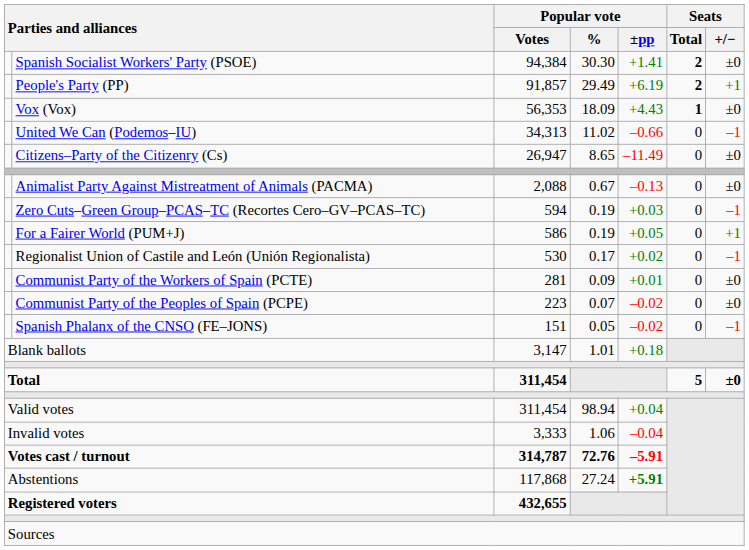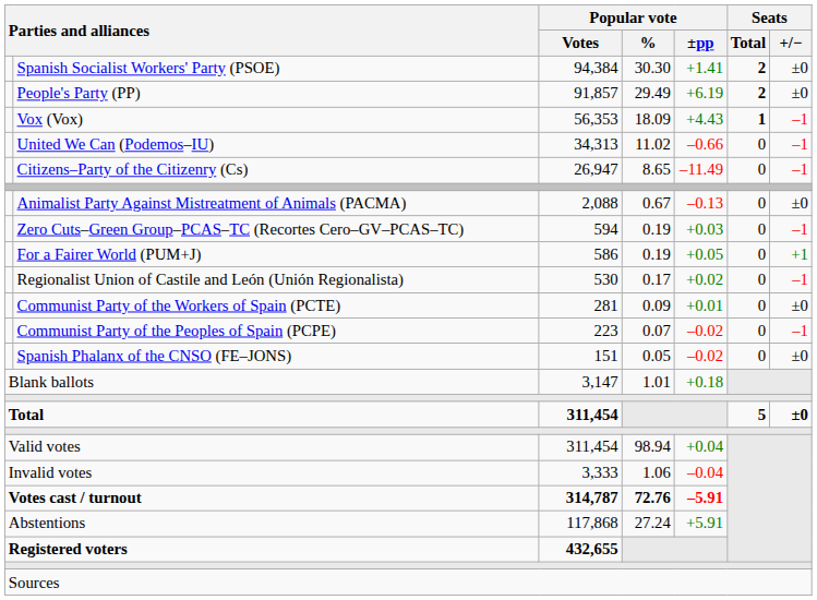 <table class="wikitable" style="text-align:right;">
 <tr>
 <th style="text-align:left;" rowspan="2" colspan="2" width="525">Parties and alliances</th>
 <th colspan="3">Popular vote</th>
 <th colspan="2">Seats</th>
 </tr>
 <tr>
 <th width="75">Votes</th>
 <th width="45">%</th>
 <th width="45">±<a href='#'>pp</a></th>
 <th width="35">Total</th>
 <th width="35">+/−</th>
 </tr>
 <tr>
 <td width="1" style="color:inherit;background:"></td>
 <td align="left"><a href='#'>Spanish Socialist Workers' Party</a> (PSOE)</td>
 <td>94,384</td>
 <td>30.30</td>
 <td style="color:green;">+1.41</td>
 <td><strong>2</strong></td>
 <td>±0</td>
 </tr>
 <tr>
 <td style="color:inherit;background:"></td>
 <td align="left"><a href='#'>People's Party</a> (PP)</td>
 <td>91,857</td>
 <td>29.49</td>
 <td style="color:green;">+6.19</td>
 <td><strong>2</strong></td>
-<td style="color:green;">+1</td>
+<td>±0</td>
 </tr>
 <tr>
 <td style="color:inherit;background:"></td>
 <td align="left"><a href='#'>Vox</a> (Vox)</td>
 <td>56,353</td>
 <td>18.09</td>
 <td style="color:green;">+4.43</td>
 <td><strong>1</strong></td>
-<td>±0</td>
+<td style="color:red;">–1</td>
 </tr>
 <tr>
 <td style="color:inherit;background:"></td>
 <td align="left"><a href='#'>United We Can</a> (<a href='#'>Podemos</a>–<a href='#'>IU</a>)</td>
 <td>34,313</td>
 <td>11.02</td>
 <td style="color:red;">–0.66</td>
 <td>0</td>
 <td style="color:red;">–1</td>
 </tr>
 <tr>
 <td style="color:inherit;background:"></td>
 <td align="left"><a href='#'>Citizens–Party of the Citizenry</a> (Cs)</td>
 <td>26,947</td>
 <td>8.65</td>
 <td style="color:red;">–11.49</td>
 <td>0</td>
-<td>±0</td>
+<td style="color:red;">–1</td>
 </tr>
 <tr>
 <td colspan="7" bgcolor="#C0C0C0"></td>
 </tr>
 <tr>
 <td style="color:inherit;background:"></td>
 <td align="left"><a href='#'>Animalist Party Against Mistreatment of Animals</a> (PACMA)</td>
 <td>2,088</td>
 <td>0.67</td>
 <td style="color:red;">–0.13</td>
 <td>0</td>
 <td>±0</td>
 </tr>
 <tr>
 <td style="color:inherit;background:"></td>
 <td align="left"><a href='#'>Zero Cuts</a>–<a href='#'>Green Group</a>–<a href='#'>PCAS</a>–<a href='#'>TC</a> (Recortes Cero–GV–PCAS–TC)</td>
 <td>594</td>
 <td>0.19</td>
 <td style="color:green;">+0.03</td>
 <td>0</td>
 <td style="color:red;">–1</td>
 </tr>
 <tr>
 <td style="color:inherit;background:"></td>
 <td align="left"><a href='#'>For a Fairer World</a> (PUM+J)</td>
 <td>586</td>
 <td>0.19</td>
 <td style="color:green;">+0.05</td>
 <td>0</td>
 <td style="color:green;">+1</td>
 </tr>
 <tr>
 <td style="color:inherit;background:"></td>
 <td align="left">Regionalist Union of Castile and León (Unión Regionalista)</td>
 <td>530</td>
 <td>0.17</td>
 <td style="color:green;">+0.02</td>
 <td>0</td>
 <td style="color:red;">–1</td>
 </tr>
 <tr>
 <td style="color:inherit;background:"></td>
 <td align="left"><a href='#'>Communist Party of the Workers of Spain</a> (PCTE)</td>
 <td>281</td>
 <td>0.09</td>
 <td style="color:green;">+0.01</td>
 <td>0</td>
 <td>±0</td>
 </tr>
 <tr>
 <td style="color:inherit;background:"></td>
 <td align="left"><a href='#'>Communist Party of the Peoples of Spain</a> (PCPE)</td>
 <td>223</td>
 <td>0.07</td>
 <td style="color:red;">–0.02</td>
 <td>0</td>
-<td>±0</td>
+<td style="color:red;">–1</td>
 </tr>
 <tr>
 <td style="color:inherit;background:"></td>
 <td align="left"><a href='#'>Spanish Phalanx of the CNSO</a> (FE–JONS)</td>
 <td>151</td>
 <td>0.05</td>
 <td style="color:red;">–0.02</td>
 <td>0</td>
-<td style="color:red;">–1</td>
+<td>±0</td>
 </tr>
 <tr>
 <td align="left" colspan="2">Blank ballots</td>
 <td>3,147</td>
 <td>1.01</td>
 <td style="color:green;">+0.18</td>
 <td bgcolor="#E9E9E9" colspan="2"></td>
 </tr>
 <tr>
 <td colspan="7" bgcolor="#E9E9E9"></td>
 </tr>
 <tr style="font-weight:bold;">
 <td align="left" colspan="2">Total</td>
 <td>311,454</td>
 <td bgcolor="#E9E9E9" colspan="2"></td>
 <td>5</td>
 <td>±0</td>
 </tr>
 <tr>
 <td colspan="7" bgcolor="#E9E9E9"></td>
 </tr>
 <tr>
 <td align="left" colspan="2">Valid votes</td>
 <td>311,454</td>
 <td>98.94</td>
 <td style="color:green;">+0.04</td>
 <td bgcolor="#E9E9E9" colspan="2" rowspan="5"></td>
 </tr>
 <tr>
 <td align="left" colspan="2">Invalid votes</td>
 <td>3,333</td>
 <td>1.06</td>
 <td style="color:red;">–0.04</td>
 </tr>
 <tr style="font-weight:bold;">
 <td align="left" colspan="2">Votes cast / turnout</td>
 <td>314,787</td>
 <td>72.76</td>
 <td style="color:red;">–5.91</td>
 </tr>
 <tr>
 <td align="left" colspan="2">Abstentions</td>
 <td>117,868</td>
 <td>27.24</td>
-<td style="color:green;"><strong>+5.91</strong></td>
+<td style="color:green;">+5.91</td>
 </tr>
 <tr style="font-weight:bold;">
 <td align="left" colspan="2">Registered voters</td>
 <td>432,655</td>
 <td bgcolor="#E9E9E9" colspan="2"></td>
 </tr>
 <tr>
 <td colspan="7" bgcolor="#E9E9E9"></td>
 </tr>
 <tr>
 <td align="left" colspan="7">Sources</td>
 </tr>
 </table>
